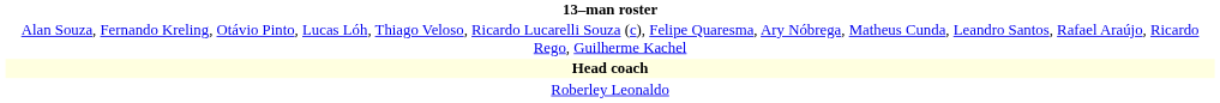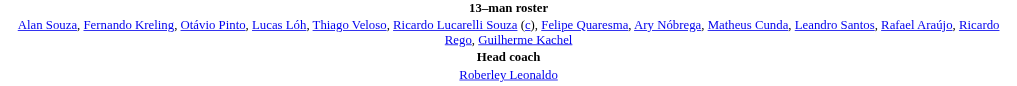 <table style="text-align: center; margin-top: 2em; margin-left: auto; margin-right: auto">
 <tr>
 <td><strong>13–man roster</strong></td>
 </tr>
 <tr>
 <td><a href='#'>Alan Souza</a>, <a href='#'>Fernando Kreling</a>, <a href='#'>Otávio Pinto</a>, <a href='#'>Lucas Lóh</a>, <a href='#'>Thiago Veloso</a>, <a href='#'>Ricardo Lucarelli Souza</a> (<a href='#'>c</a>), <a href='#'>Felipe Quaresma</a>, <a href='#'>Ary Nóbrega</a>, <a href='#'>Matheus Cunda</a>, <a href='#'>Leandro Santos</a>, <a href='#'>Rafael Araújo</a>, <a href='#'>Ricardo Rego</a>, <a href='#'>Guilherme Kachel</a></td>
 </tr>
 <tr>
-<td style="background: lightyellow;"><strong>Head coach</strong></td>
+<td><strong>Head coach</strong></td>
 </tr>
 <tr>
 <td><a href='#'>Roberley Leonaldo</a></td>
 </tr>
 </table>
